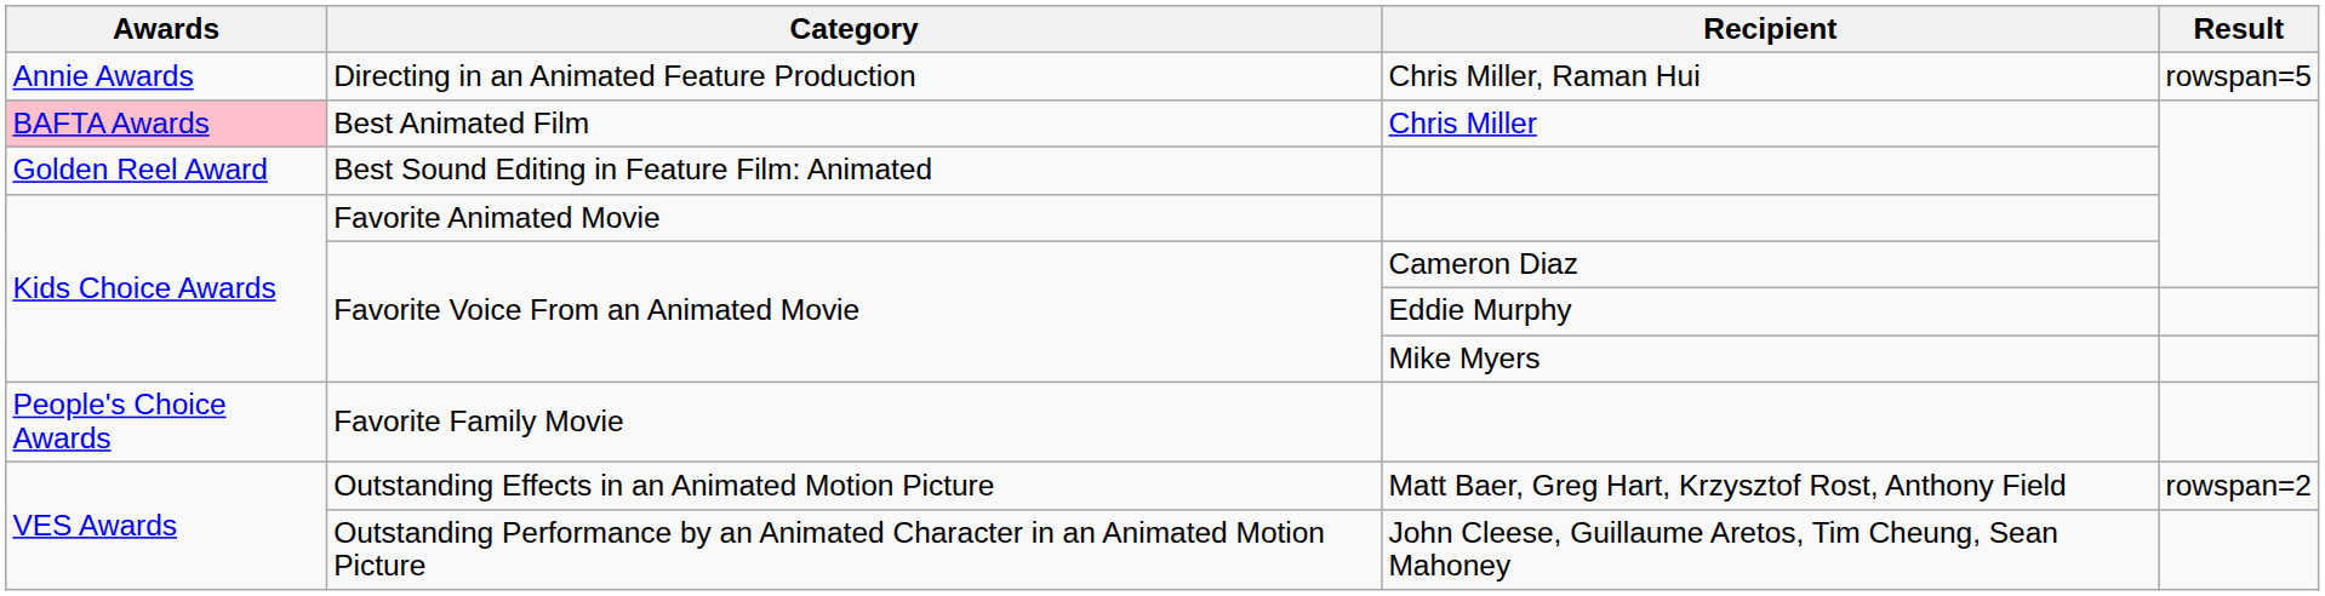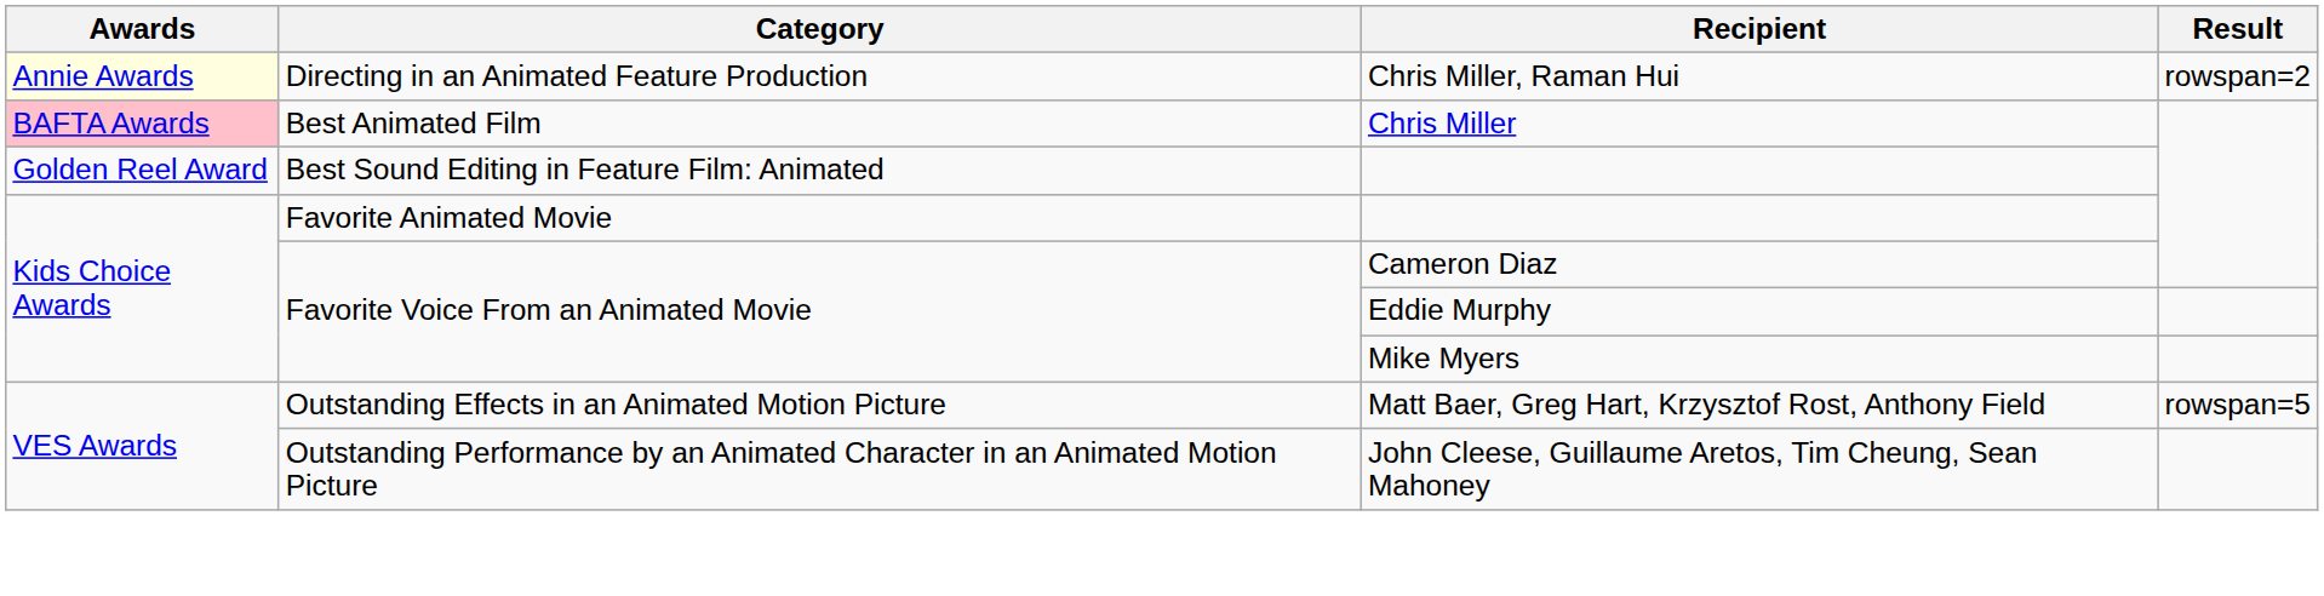 <table class="wikitable">
 <tr>
 <th><strong>Awards</strong></th>
 <th><strong>Category</strong></th>
 <th><strong>Recipient</strong></th>
 <th><strong>Result</strong></th>
 </tr>
 <tr>
-<td><a href='#'>Annie Awards</a></td>
+<td style="background: lightyellow;"><a href='#'>Annie Awards</a></td>
 <td>Directing in an Animated Feature Production</td>
 <td>Chris Miller, Raman Hui</td>
-<td>rowspan=5 </td>
+<td>rowspan=2 </td>
 </tr>
 <tr>
 <td style="background: pink;"><a href='#'>BAFTA Awards</a></td>
 <td>Best Animated Film</td>
 <td><a href='#'>Chris Miller</a></td>
 </tr>
 <tr>
 <td><a href='#'>Golden Reel Award</a></td>
 <td>Best Sound Editing in Feature Film: Animated</td>
 <td></td>
 </tr>
 <tr>
 <td rowspan="4"><a href='#'>Kids Choice Awards</a></td>
 <td>Favorite Animated Movie</td>
 <td></td>
 </tr>
 <tr>
 <td rowspan="3">Favorite Voice From an Animated Movie</td>
 <td>Cameron Diaz</td>
 </tr>
 <tr>
 <td>Eddie Murphy</td>
 <td></td>
 </tr>
 <tr>
 <td>Mike Myers</td>
 <td></td>
 </tr>
 <tr>
-<td><a href='#'>People's Choice Awards</a></td>
-<td>Favorite Family Movie</td>
-<td></td>
-<td></td>
-</tr>
-<tr>
 <td rowspan="2"><a href='#'>VES Awards</a></td>
 <td>Outstanding Effects in an Animated Motion Picture</td>
 <td>Matt Baer, Greg Hart, Krzysztof Rost, Anthony Field</td>
-<td>rowspan=2 </td>
+<td>rowspan=5 </td>
 </tr>
 <tr>
 <td>Outstanding Performance by an Animated Character in an Animated Motion Picture</td>
 <td>John Cleese, Guillaume Aretos, Tim Cheung, Sean Mahoney</td>
 </tr>
 </table>
